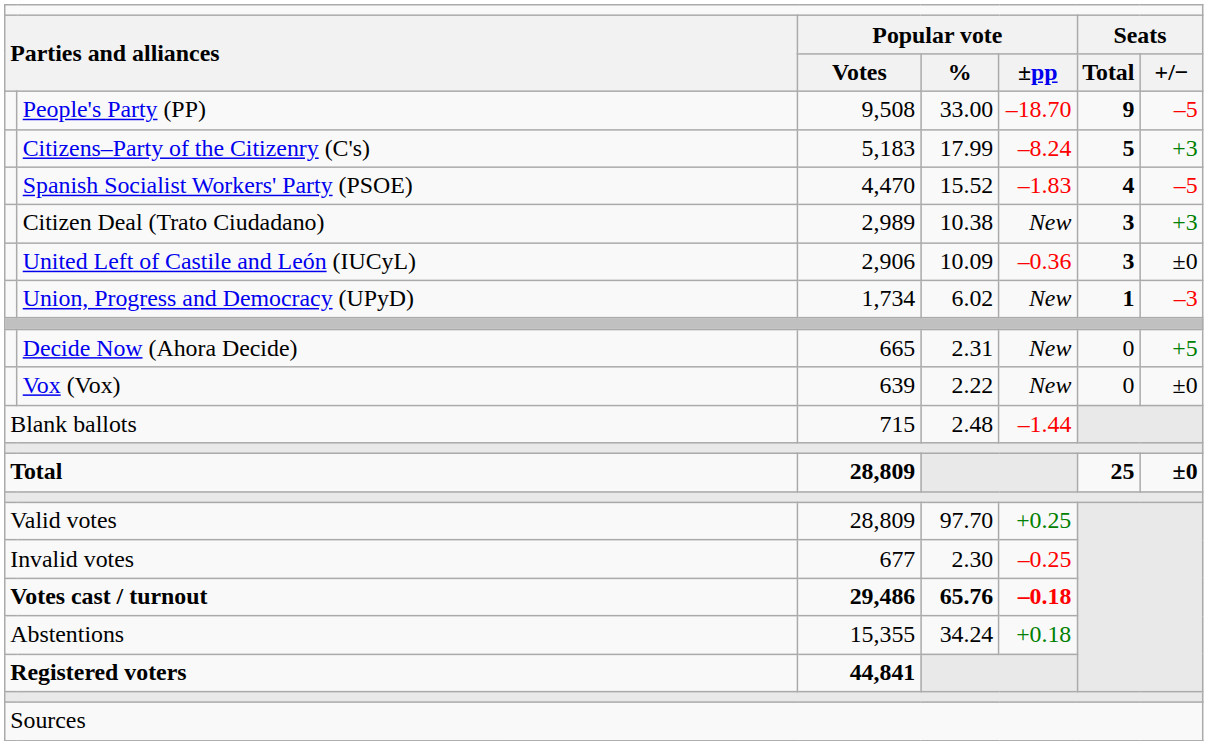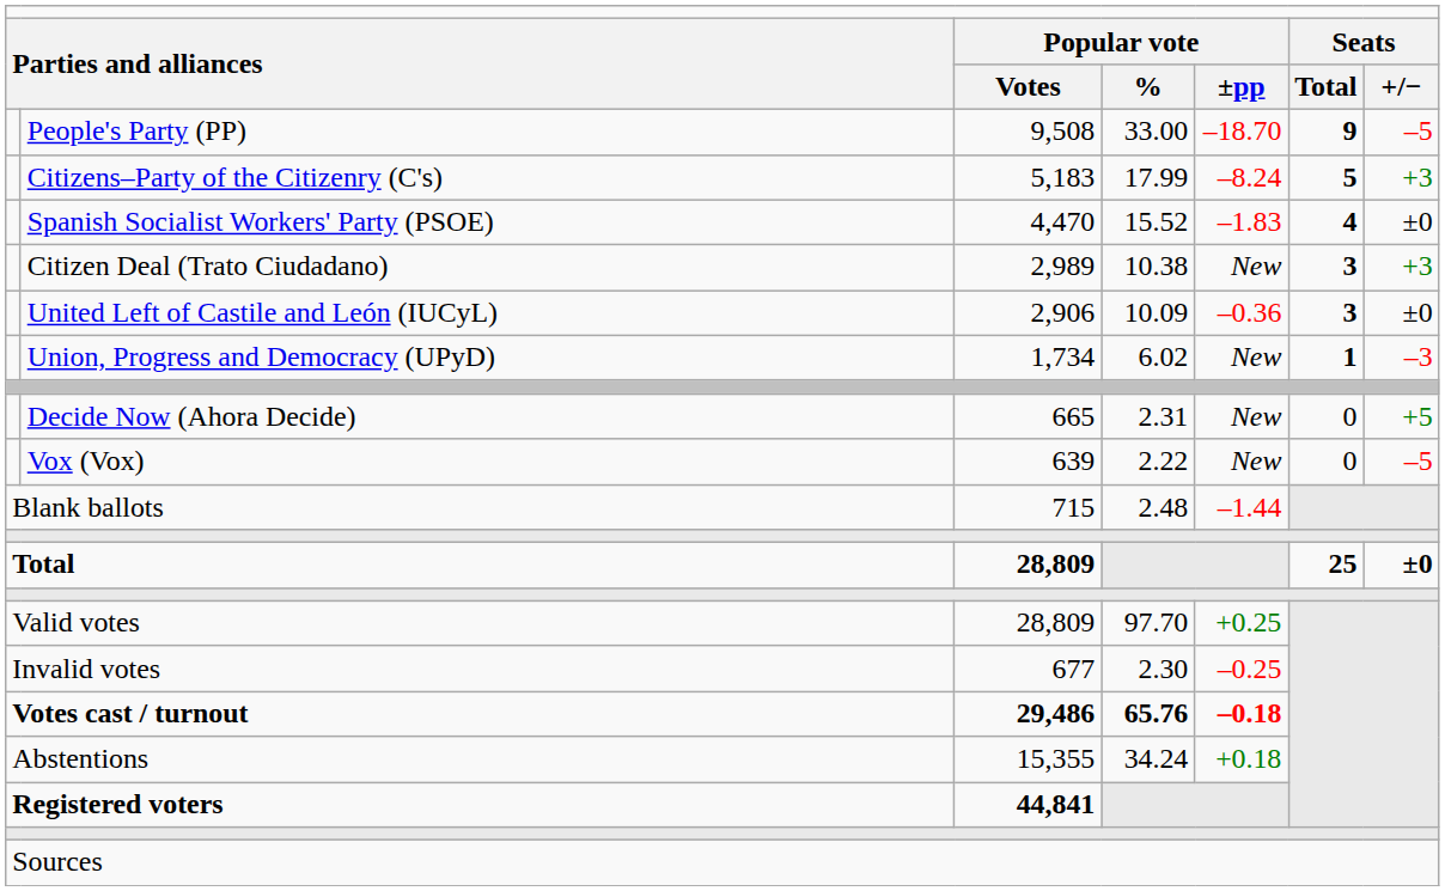 <table class="wikitable" style="text-align:right;">
 <tr>
 <td colspan="7"></td>
 </tr>
 <tr>
 <th style="text-align:left;" rowspan="2" colspan="2" width="525">Parties and alliances</th>
 <th colspan="3">Popular vote</th>
 <th colspan="2">Seats</th>
 </tr>
 <tr>
 <th width="75">Votes</th>
 <th width="45">%</th>
 <th width="45">±<a href='#'>pp</a></th>
 <th width="35">Total</th>
 <th width="35">+/−</th>
 </tr>
 <tr>
 <td width="1" style="color:inherit;background:"></td>
 <td align="left"><a href='#'>People's Party</a> (PP)</td>
 <td>9,508</td>
 <td>33.00</td>
 <td style="color:red;">–18.70</td>
 <td><strong>9</strong></td>
 <td style="color:red;">–5</td>
 </tr>
 <tr>
 <td style="color:inherit;background:"></td>
 <td align="left"><a href='#'>Citizens–Party of the Citizenry</a> (C's)</td>
 <td>5,183</td>
 <td>17.99</td>
 <td style="color:red;">–8.24</td>
 <td><strong>5</strong></td>
 <td style="color:green;">+3</td>
 </tr>
 <tr>
 <td style="color:inherit;background:"></td>
 <td align="left"><a href='#'>Spanish Socialist Workers' Party</a> (PSOE)</td>
 <td>4,470</td>
 <td>15.52</td>
 <td style="color:red;">–1.83</td>
 <td><strong>4</strong></td>
-<td style="color:red;">–5</td>
+<td>±0</td>
 </tr>
 <tr>
 <td style="color:inherit;background:"></td>
 <td align="left">Citizen Deal (Trato Ciudadano)</td>
 <td>2,989</td>
 <td>10.38</td>
 <td><em>New</em></td>
 <td><strong>3</strong></td>
 <td style="color:green;">+3</td>
 </tr>
 <tr>
 <td style="color:inherit;background:"></td>
 <td align="left"><a href='#'>United Left of Castile and León</a> (IUCyL)</td>
 <td>2,906</td>
 <td>10.09</td>
 <td style="color:red;">–0.36</td>
 <td><strong>3</strong></td>
 <td>±0</td>
 </tr>
 <tr>
 <td style="color:inherit;background:"></td>
 <td align="left"><a href='#'>Union, Progress and Democracy</a> (UPyD)</td>
 <td>1,734</td>
 <td>6.02</td>
 <td><em>New</em></td>
 <td><strong>1</strong></td>
 <td style="color:red;">–3</td>
 </tr>
 <tr>
 <td colspan="7" bgcolor="#C0C0C0"></td>
 </tr>
 <tr>
 <td style="color:inherit;background:"></td>
 <td align="left"><a href='#'>Decide Now</a> (Ahora Decide)</td>
 <td>665</td>
 <td>2.31</td>
 <td><em>New</em></td>
 <td>0</td>
 <td style="color:green;">+5</td>
 </tr>
 <tr>
 <td style="color:inherit;background:"></td>
 <td align="left"><a href='#'>Vox</a> (Vox)</td>
 <td>639</td>
 <td>2.22</td>
 <td><em>New</em></td>
 <td>0</td>
-<td>±0</td>
+<td style="color:red;">–5</td>
 </tr>
 <tr>
 <td align="left" colspan="2">Blank ballots</td>
 <td>715</td>
 <td>2.48</td>
 <td style="color:red;">–1.44</td>
 <td bgcolor="#E9E9E9" colspan="2"></td>
 </tr>
 <tr>
 <td colspan="7" bgcolor="#E9E9E9"></td>
 </tr>
 <tr style="font-weight:bold;">
 <td align="left" colspan="2">Total</td>
 <td>28,809</td>
 <td bgcolor="#E9E9E9" colspan="2"></td>
 <td>25</td>
 <td>±0</td>
 </tr>
 <tr>
 <td colspan="7" bgcolor="#E9E9E9"></td>
 </tr>
 <tr>
 <td align="left" colspan="2">Valid votes</td>
 <td>28,809</td>
 <td>97.70</td>
 <td style="color:green;">+0.25</td>
 <td bgcolor="#E9E9E9" colspan="2" rowspan="5"></td>
 </tr>
 <tr>
 <td align="left" colspan="2">Invalid votes</td>
 <td>677</td>
 <td>2.30</td>
 <td style="color:red;">–0.25</td>
 </tr>
 <tr style="font-weight:bold;">
 <td align="left" colspan="2">Votes cast / turnout</td>
 <td>29,486</td>
 <td>65.76</td>
 <td style="color:red;">–0.18</td>
 </tr>
 <tr>
 <td align="left" colspan="2">Abstentions</td>
 <td>15,355</td>
 <td>34.24</td>
 <td style="color:green;">+0.18</td>
 </tr>
 <tr style="font-weight:bold;">
 <td align="left" colspan="2">Registered voters</td>
 <td>44,841</td>
 <td bgcolor="#E9E9E9" colspan="2"></td>
 </tr>
 <tr>
 <td colspan="7" bgcolor="#E9E9E9"></td>
 </tr>
 <tr>
 <td align="left" colspan="7">Sources</td>
 </tr>
 </table>
